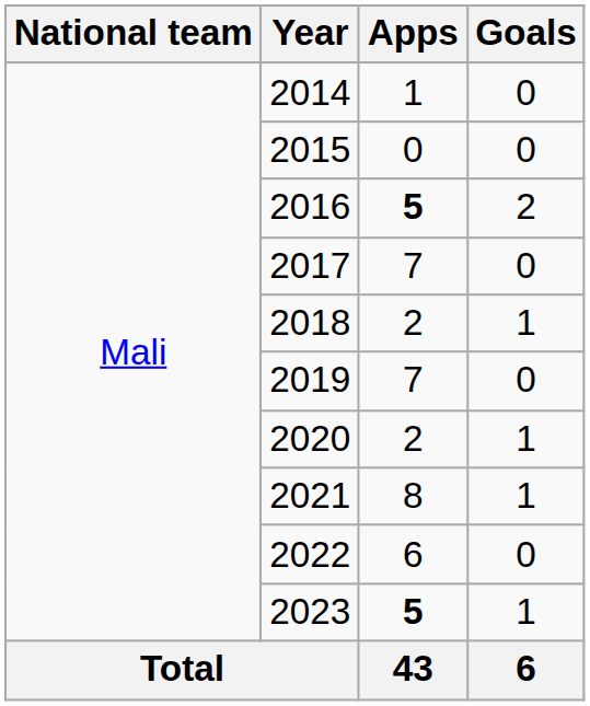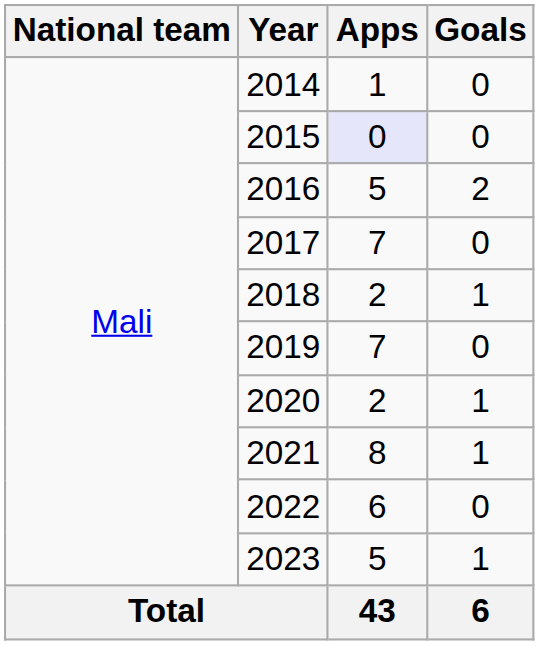 <table class="wikitable" style="text-align:center">
 <tr>
 <th>National team</th>
 <th>Year</th>
 <th>Apps</th>
 <th>Goals</th>
 </tr>
 <tr>
 <td rowspan="10"><a href='#'>Mali</a></td>
 <td>2014</td>
 <td>1</td>
 <td>0</td>
 </tr>
 <tr>
 <td>2015</td>
-<td>0</td>
+<td style="background: lavender;">0</td>
 <td>0</td>
 </tr>
 <tr>
 <td>2016</td>
-<td><strong>5</strong></td>
+<td>5</td>
 <td>2</td>
 </tr>
 <tr>
 <td>2017</td>
 <td>7</td>
 <td>0</td>
 </tr>
 <tr>
 <td>2018</td>
 <td>2</td>
 <td>1</td>
 </tr>
 <tr>
 <td>2019</td>
 <td>7</td>
 <td>0</td>
 </tr>
 <tr>
 <td>2020</td>
 <td>2</td>
 <td>1</td>
 </tr>
 <tr>
 <td>2021</td>
 <td>8</td>
 <td>1</td>
 </tr>
 <tr>
 <td>2022</td>
 <td>6</td>
 <td>0</td>
 </tr>
 <tr>
 <td>2023</td>
-<td><strong>5</strong></td>
+<td>5</td>
 <td>1</td>
 </tr>
 <tr>
 <th colspan="2">Total</th>
 <th>43</th>
 <th>6</th>
 </tr>
 </table>
